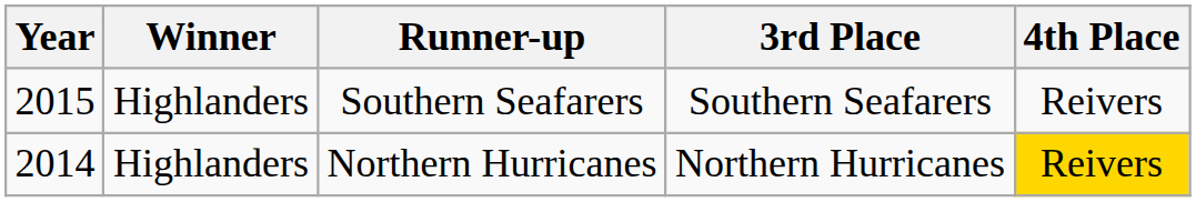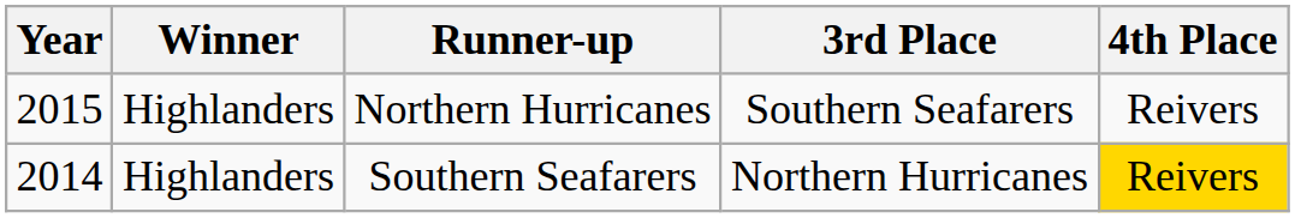 <table class="wikitable" style="text-align: center;">
 <tr>
 <th>Year</th>
 <th>Winner</th>
 <th>Runner-up</th>
 <th>3rd Place</th>
 <th>4th Place</th>
 </tr>
 <tr>
 <td>2015</td>
 <td>Highlanders</td>
-<td>Southern Seafarers</td>
+<td>Northern Hurricanes</td>
 <td>Southern Seafarers</td>
 <td>Reivers</td>
 </tr>
 <tr>
 <td>2014</td>
 <td>Highlanders</td>
-<td>Northern Hurricanes</td>
+<td>Southern Seafarers</td>
 <td>Northern Hurricanes</td>
 <td style="background: gold;">Reivers</td>
 </tr>
 </table>
